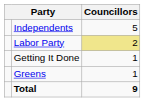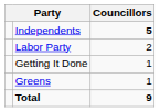 <table class="wikitable">
 <tr>
 <th colspan="2">Party</th>
 <th>Councillors</th>
 </tr>
 <tr>
 <td> </td>
 <td><a href='#'>Independents</a></td>
-<td align=right>5</td>
+<td align=right><strong>5</strong></td>
 </tr>
 <tr>
 <td> </td>
 <td><a href='#'>Labor Party</a></td>
-<td align=right style="background: khaki;">2</td>
+<td align=right>2</td>
 </tr>
 <tr>
 <td> </td>
 <td>Getting It Done</td>
 <td align=right>1</td>
 </tr>
 <tr>
 <td> </td>
 <td><a href='#'>Greens</a></td>
 <td align=right>1</td>
 </tr>
 <tr>
 <td></td>
 <td><strong>Total</strong></td>
 <td align=right><strong>9</strong></td>
 </tr>
 </table>
